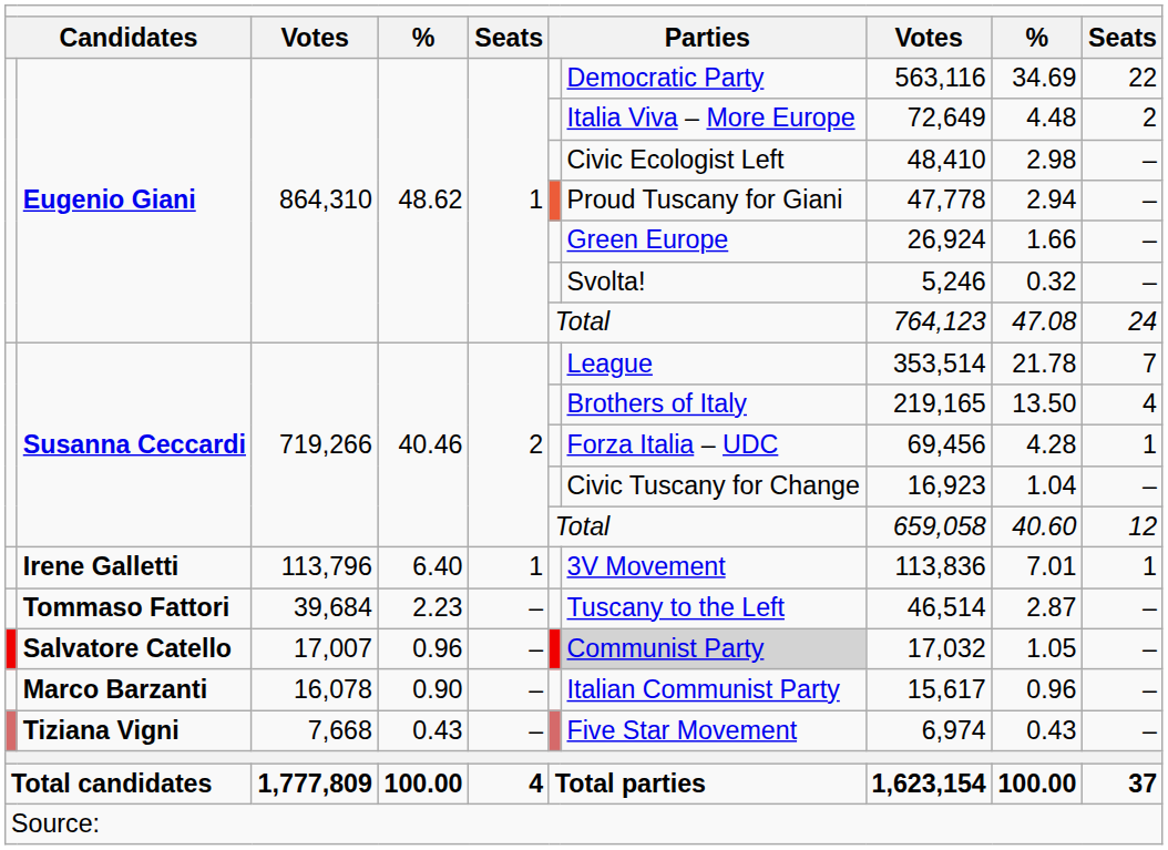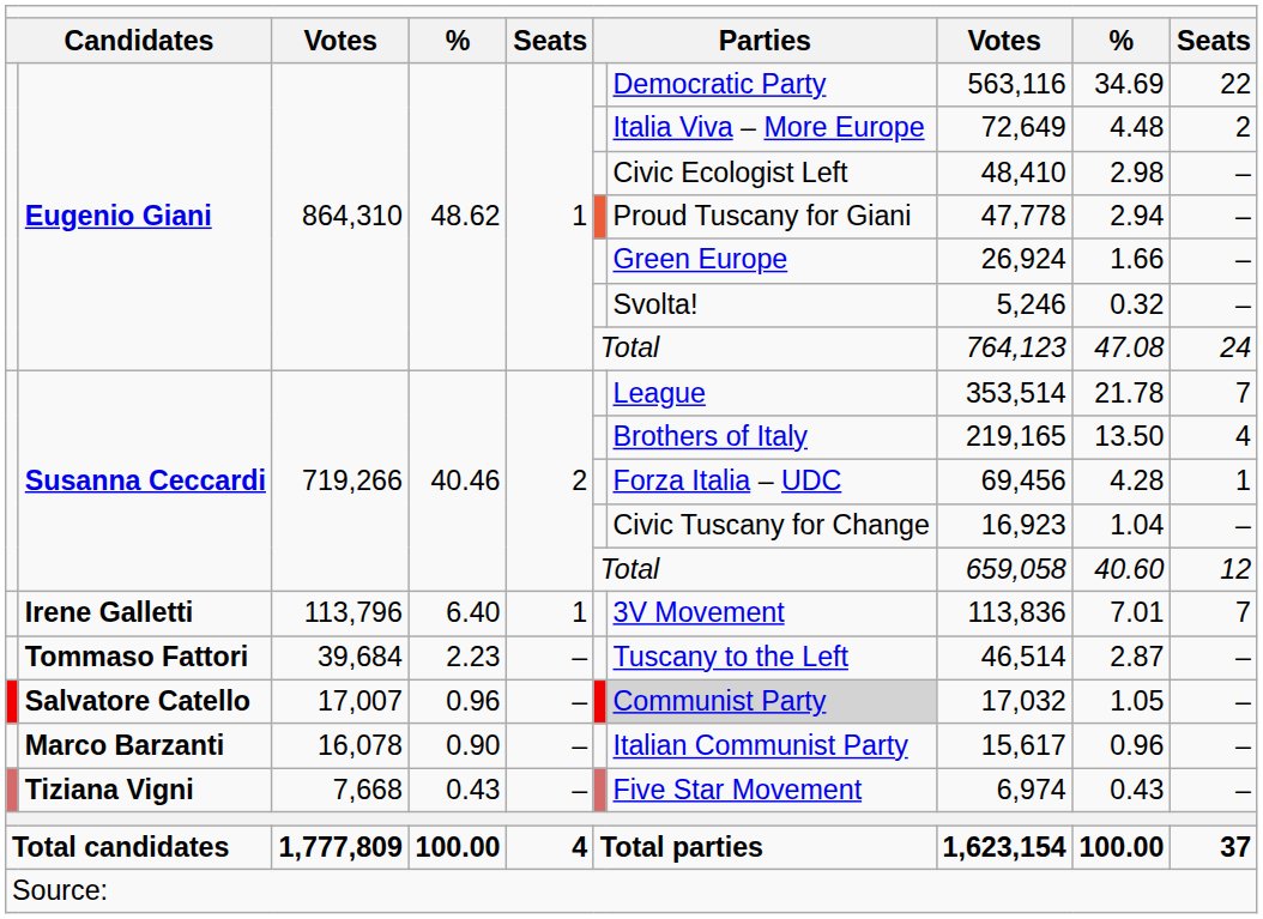 <table class="wikitable">
 <tr>
 <td colspan=10></td>
 </tr>
 <tr>
 <th colspan=2>Candidates</th>
 <th>Votes</th>
 <th>%</th>
 <th>Seats</th>
 <th colspan=2>Parties</th>
 <th>Votes</th>
 <th>%</th>
 <th>Seats</th>
 </tr>
 <tr>
 <td rowspan="7"></td>
 <td rowspan="7"><strong><a href='#'>Eugenio Giani</a></strong></td>
 <td rowspan="7" align=right>864,310</td>
 <td rowspan="7" align=right>48.62</td>
 <td rowspan="7" align=right>1</td>
 <td></td>
 <td align="left"><a href='#'>Democratic Party</a></td>
 <td align=right>563,116</td>
 <td align=right>34.69</td>
 <td align=right>22</td>
 </tr>
 <tr>
 <td></td>
 <td align="left"><a href='#'>Italia Viva</a> – <a href='#'>More Europe</a></td>
 <td align=right>72,649</td>
 <td align=right>4.48</td>
 <td align=right>2</td>
 </tr>
 <tr>
 <td></td>
 <td align="left">Civic Ecologist Left</td>
 <td align=right>48,410</td>
 <td align=right>2.98</td>
 <td align=right>–</td>
 </tr>
 <tr>
 <td bgcolor="EC5C39"></td>
 <td align="left">Proud Tuscany for Giani</td>
 <td align=right>47,778</td>
 <td align=right>2.94</td>
 <td align=right>–</td>
 </tr>
 <tr>
 <td></td>
 <td align="left"><a href='#'>Green Europe</a></td>
 <td align=right>26,924</td>
 <td align=right>1.66</td>
 <td align=right>–</td>
 </tr>
 <tr>
 <td></td>
 <td align="left">Svolta!</td>
 <td align=right>5,246</td>
 <td align=right>0.32</td>
 <td align=right>–</td>
 </tr>
 <tr>
 <td colspan=2><em>Total</em></td>
 <td align=right><em>764,123</em></td>
 <td align=right><em>47.08</em></td>
 <td align=right><em>24</em></td>
 </tr>
 <tr>
 <td rowspan="5"></td>
 <td rowspan="5"><strong><a href='#'>Susanna Ceccardi</a></strong></td>
 <td rowspan="5" align=right>719,266</td>
 <td rowspan="5" align=right>40.46</td>
 <td rowspan="5" align=right>2</td>
 <td></td>
 <td align="left"><a href='#'>League</a></td>
 <td align=right>353,514</td>
 <td align=right>21.78</td>
 <td align=right>7</td>
 </tr>
 <tr>
 <td></td>
 <td align="left"><a href='#'>Brothers of Italy</a></td>
 <td align=right>219,165</td>
 <td align=right>13.50</td>
 <td align=right>4</td>
 </tr>
 <tr>
 <td></td>
 <td align="left"><a href='#'>Forza Italia</a> – <a href='#'>UDC</a></td>
 <td align=right>69,456</td>
 <td align=right>4.28</td>
 <td align=right>1</td>
 </tr>
 <tr>
 <td></td>
 <td align="left">Civic Tuscany for Change</td>
 <td align=right>16,923</td>
 <td align=right>1.04</td>
 <td align=right>–</td>
 </tr>
 <tr>
 <td colspan=2><em>Total</em></td>
 <td align=right><em>659,058</em></td>
 <td align=right><em>40.60</em></td>
 <td align=right><em>12</em></td>
 </tr>
 <tr>
 <td></td>
 <td><strong>Irene Galletti</strong></td>
 <td align=right>113,796</td>
 <td align=right>6.40</td>
 <td align=right>1</td>
 <td></td>
 <td align="left"><a href='#'>3V Movement</a></td>
 <td align=right>113,836</td>
 <td align=right>7.01</td>
-<td align=right>1</td>
+<td align=right>7</td>
 </tr>
 <tr>
 <td></td>
 <td><strong>Tommaso Fattori</strong></td>
 <td align=right>39,684</td>
 <td align=right>2.23</td>
 <td align=right>–</td>
 <td></td>
 <td align="left"><a href='#'>Tuscany to the Left</a></td>
 <td align=right>46,514</td>
 <td align=right>2.87</td>
 <td align=right>–</td>
 </tr>
 <tr>
 <td bgcolor="#F00000"></td>
 <td><strong>Salvatore Catello</strong></td>
 <td align=right>17,007</td>
 <td align=right>0.96</td>
 <td align=right>–</td>
 <td bgcolor="#F00000"></td>
 <td align="left" style="background: lightgrey;"><a href='#'>Communist Party</a></td>
 <td align=right>17,032</td>
 <td align=right>1.05</td>
 <td align=right>–</td>
 </tr>
 <tr>
 <td></td>
 <td><strong>Marco Barzanti</strong></td>
 <td align=right>16,078</td>
 <td align=right>0.90</td>
 <td align=right>–</td>
 <td></td>
 <td align="left"><a href='#'>Italian Communist Party</a></td>
 <td align=right>15,617</td>
 <td align=right>0.96</td>
 <td align=right>–</td>
 </tr>
 <tr>
 <td bgcolor="#D56A6A"></td>
 <td><strong>Tiziana Vigni</strong></td>
 <td align=right>7,668</td>
 <td align=right>0.43</td>
 <td align=right>–</td>
 <td bgcolor="#D56A6A"></td>
 <td align="left"><a href='#'>Five Star Movement</a></td>
 <td align=right>6,974</td>
 <td align=right>0.43</td>
 <td align=right>–</td>
 </tr>
 <tr>
 <th colspan=10></th>
 </tr>
 <tr>
 <td colspan=2><strong>Total candidates</strong></td>
 <td align=right><strong>1,777,809</strong></td>
 <td align=right><strong>100.00</strong></td>
 <td align=right><strong>4</strong></td>
 <td colspan=2><strong>Total parties</strong></td>
 <td align=right><strong>1,623,154</strong></td>
 <td align=right><strong>100.00</strong></td>
 <td align=right><strong>37</strong></td>
 </tr>
 <tr>
 <td colspan=10>Source: </td>
 </tr>
 </table>
